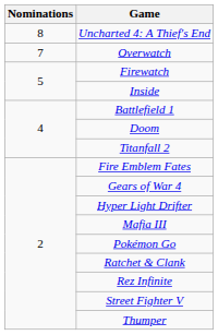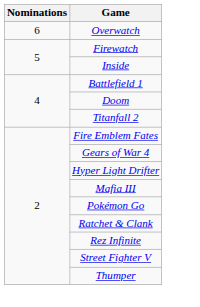 <table class="wikitable" rowspan="2" style="text-align:center;">
 <tr>
 <th scope="col" style="width:55px;">Nominations</th>
 <th scope="col" style="text-align:center;">Game</th>
 </tr>
 <tr>
-<td style="text-align:center">8</td>
-<td><em><a href='#'>Uncharted 4: A Thief's End</a></em></td>
-</tr>
-<tr>
-<td style="text-align:center">7</td>
+<td style="text-align:center">6</td>
 <td><em><a href='#'>Overwatch</a></em></td>
 </tr>
 <tr>
 <td rowspan=2 style="text-align:center">5</td>
 <td><em><a href='#'>Firewatch</a></em></td>
 </tr>
 <tr>
 <td><em><a href='#'>Inside</a></em></td>
 </tr>
 <tr>
 <td rowspan=3 style="text-align:center">4</td>
 <td><em><a href='#'>Battlefield 1</a></em></td>
 </tr>
 <tr>
 <td><em><a href='#'>Doom</a></em></td>
 </tr>
 <tr>
 <td><em><a href='#'>Titanfall 2</a></em></td>
 </tr>
 <tr>
 <td rowspan=9 style="text-align:center">2</td>
 <td><em><a href='#'>Fire Emblem Fates</a></em></td>
 </tr>
 <tr>
 <td><em><a href='#'>Gears of War 4</a></em></td>
 </tr>
 <tr>
 <td><em><a href='#'>Hyper Light Drifter</a></em></td>
 </tr>
 <tr>
 <td><em><a href='#'>Mafia III</a></em></td>
 </tr>
 <tr>
 <td><em><a href='#'>Pokémon Go</a></em></td>
 </tr>
 <tr>
 <td><em><a href='#'>Ratchet & Clank</a></em></td>
 </tr>
 <tr>
 <td><em><a href='#'>Rez Infinite</a></em></td>
 </tr>
 <tr>
 <td><em><a href='#'>Street Fighter V</a></em></td>
 </tr>
 <tr>
 <td><em><a href='#'>Thumper</a></em></td>
 </tr>
 </table>
